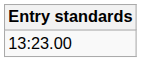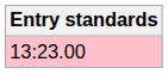 <table class="wikitable" border="1" align="upright">
 <tr>
 <th>Entry standards</th>
 </tr>
 <tr>
-<td>13:23.00</td>
+<td style="background: pink;">13:23.00</td>
 </tr>
 </table>
